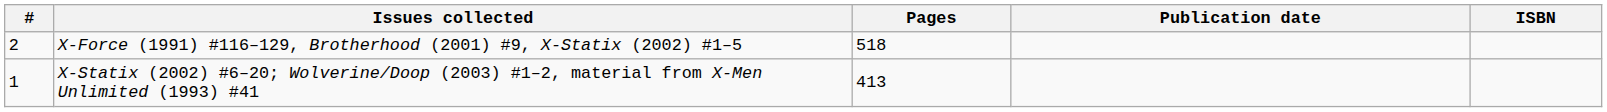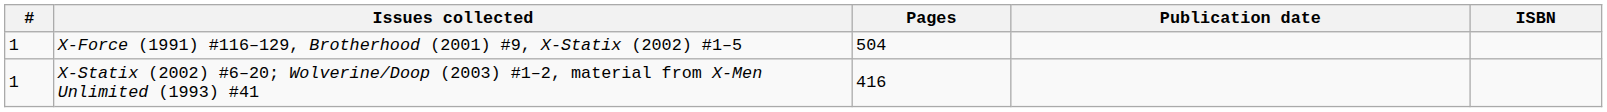 <table class="wikitable sortable" width=98%>
 <tr>
 <th class="unsortable">#</th>
 <th class="unsortable" width="50%">Issues collected</th>
 <th>Pages</th>
 <th>Publication date</th>
 <th class="unsortable">ISBN</th>
 </tr>
 <tr>
-<td>2</td>
+<td>1</td>
 <td><em>X-Force</em> (1991) #116–129, <em>Brotherhood</em> (2001) #9, <em>X-Statix</em> (2002) #1–5</td>
-<td>518</td>
+<td>504</td>
 <td></td>
 <td></td>
 </tr>
 <tr>
 <td>1</td>
 <td><em>X-Statix</em> (2002) #6–20; <em>Wolverine/Doop</em> (2003) #1–2, material from <em>X-Men Unlimited</em> (1993) #41</td>
-<td>413</td>
+<td>416</td>
 <td></td>
 <td></td>
 </tr>
 </table>
